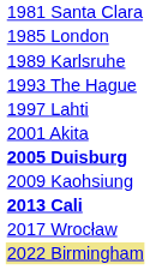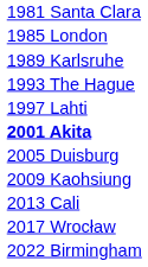 <table>
 <tr>
 <td><a href='#'>1981 Santa Clara</a></td>
 <td></td>
 <td></td>
 <td></td>
 </tr>
 <tr>
 <td><a href='#'>1985 London</a></td>
 <td></td>
 <td></td>
 <td></td>
 </tr>
 <tr>
 <td><a href='#'>1989 Karlsruhe</a></td>
 <td></td>
 <td></td>
 <td></td>
 </tr>
 <tr>
 <td><a href='#'>1993 The Hague</a></td>
 <td></td>
 <td></td>
 <td></td>
 </tr>
 <tr>
 <td><a href='#'>1997 Lahti</a></td>
 <td></td>
 <td></td>
 <td></td>
 </tr>
 <tr>
-<td><a href='#'>2001 Akita</a></td>
+<td><strong><a href='#'>2001 Akita</a></strong></td>
 <td></td>
 <td></td>
 <td></td>
 </tr>
 <tr>
-<td><strong><a href='#'>2005 Duisburg</a></strong></td>
+<td><a href='#'>2005 Duisburg</a></td>
 <td></td>
 <td></td>
 <td></td>
 </tr>
 <tr>
 <td><a href='#'>2009 Kaohsiung</a></td>
 <td></td>
 <td></td>
 <td></td>
 </tr>
 <tr>
-<td><strong><a href='#'>2013 Cali</a></strong></td>
+<td><a href='#'>2013 Cali</a></td>
 <td></td>
 <td></td>
 <td></td>
 </tr>
 <tr>
 <td><a href='#'>2017 Wrocław</a></td>
 <td></td>
 <td></td>
 <td></td>
 </tr>
 <tr>
-<td style="background: khaki;"><a href='#'>2022 Birmingham</a></td>
+<td><a href='#'>2022 Birmingham</a></td>
 <td></td>
 <td></td>
 <td></td>
 </tr>
 </table>
